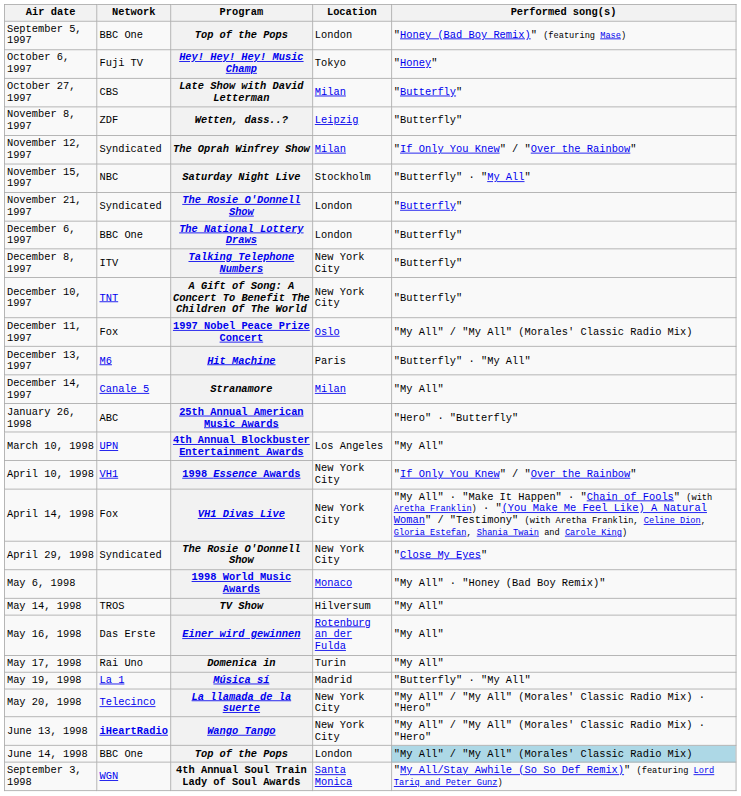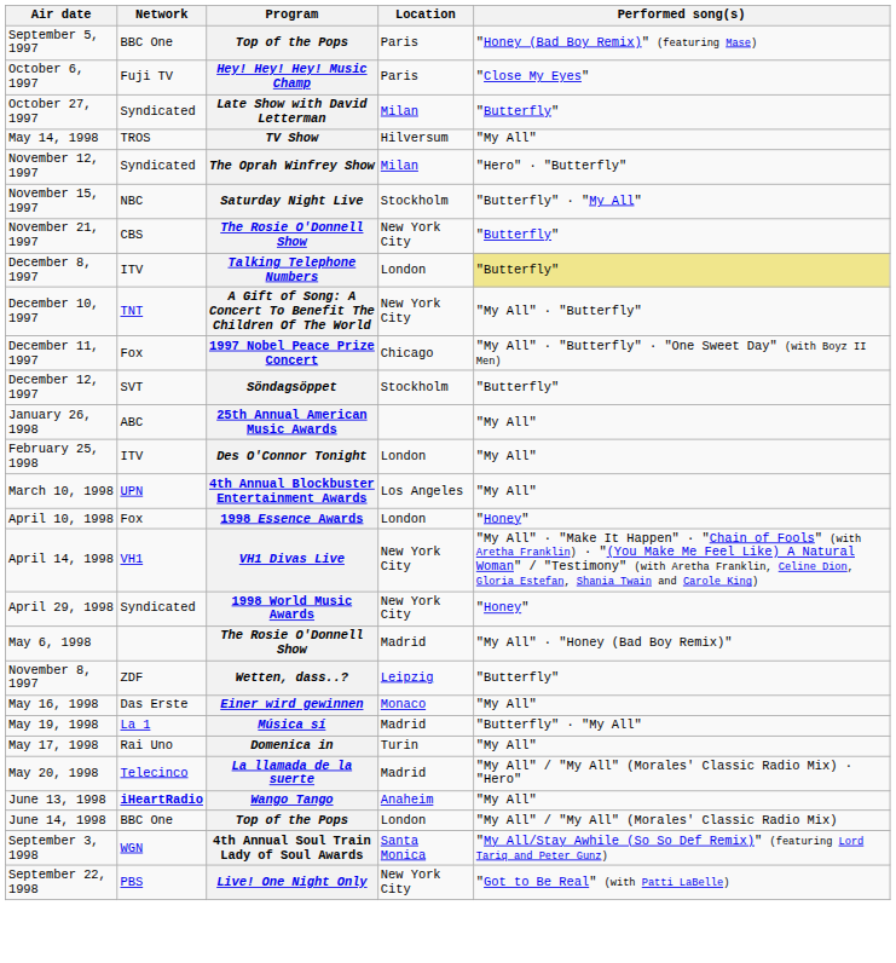 <table class="wikitable sortable plainrowheaders" style="font-size:95%;">
 <tr>
 <th style="width:13%;">Air date</th>
 <th style="width:6%;">Network</th>
 <th style="width:20%;">Program</th>
 <th style="width:11%;">Location</th>
 <th style="width:51%;">Performed song(s)</th>
 </tr>
 <tr>
 <td>September 5, 1997</td>
 <td>BBC One</td>
 <th scope="row"><em>Top of the Pops</em></th>
-<td>London</td>
+<td>Paris</td>
 <td>"<a href='#'>Honey (Bad Boy Remix)</a>" <small>(featuring <a href='#'>Mase</a>)</small></td>
 </tr>
 <tr>
 <td>October 6, 1997</td>
 <td>Fuji TV</td>
 <th scope="row"><em><a href='#'>Hey! Hey! Hey! Music Champ</a></em></th>
-<td>Tokyo</td>
-<td>"<a href='#'>Honey</a>"</td>
+<td>Paris</td>
+<td>"<a href='#'>Close My Eyes</a>"</td>
 </tr>
 <tr>
 <td>October 27, 1997</td>
-<td>CBS</td>
+<td>Syndicated</td>
 <th scope="row"><em>Late Show with David Letterman</em></th>
 <td><a href='#'>Milan</a></td>
 <td>"<a href='#'>Butterfly</a>"</td>
 </tr>
 <tr>
-<td>November 8, 1997</td>
-<td>ZDF</td>
-<th scope="row"><em>Wetten, dass..?</em></th>
-<td><a href='#'>Leipzig</a></td>
-<td>"Butterfly"</td>
+<td>May 14, 1998</td>
+<td>TROS</td>
+<th scope="row"><em>TV Show</em></th>
+<td>Hilversum</td>
+<td>"My All"</td>
 </tr>
 <tr>
 <td>November 12, 1997</td>
 <td>Syndicated</td>
 <th scope="row"><em>The Oprah Winfrey Show</em></th>
 <td><a href='#'>Milan</a></td>
-<td>"<a href='#'>If Only You Knew</a>" / "<a href='#'>Over the Rainbow</a>"</td>
+<td>"Hero" · "Butterfly"</td>
 </tr>
 <tr>
 <td>November 15, 1997</td>
 <td>NBC</td>
 <th scope="row"><em>Saturday Night Live</em></th>
 <td>Stockholm</td>
 <td>"Butterfly" · "<a href='#'>My All</a>"</td>
 </tr>
 <tr>
 <td>November 21, 1997</td>
-<td>Syndicated</td>
+<td>CBS</td>
 <th scope="row"><em><a href='#'>The Rosie O'Donnell Show</a></em></th>
-<td>London</td>
+<td>New York City</td>
 <td>"<a href='#'>Butterfly</a>"</td>
-</tr>
-<tr>
-<td>December 6, 1997</td>
-<td>BBC One</td>
-<th scope="row"><em><a href='#'>The National Lottery Draws</a></em></th>
-<td>London</td>
-<td>"Butterfly"</td>
 </tr>
 <tr>
 <td>December 8, 1997</td>
 <td>ITV</td>
 <th scope="row"><em><a href='#'>Talking Telephone Numbers</a></em></th>
-<td>New York City</td>
-<td>"Butterfly"</td>
+<td>London</td>
+<td style="background: khaki;">"Butterfly"</td>
 </tr>
 <tr>
 <td>December 10, 1997</td>
 <td><a href='#'>TNT</a></td>
 <th scope="row"><em>A Gift of Song: A Concert To Benefit The Children Of The World</em></th>
 <td>New York City</td>
-<td>"Butterfly"</td>
+<td>"My All" · "Butterfly"<br></td>
 </tr>
 <tr>
 <td>December 11, 1997</td>
 <td>Fox</td>
 <th scope="row"><a href='#'>1997 Nobel Peace Prize Concert</a></th>
-<td><a href='#'>Oslo</a></td>
-<td>"My All" / "My All" (Morales' Classic Radio Mix)</td>
+<td>Chicago</td>
+<td>"My All" · "Butterfly" · "One Sweet Day" <small>(with Boyz II Men)</small></td>
 </tr>
 <tr>
-<td>December 13, 1997</td>
-<td><a href='#'>M6</a></td>
-<th scope="row"><em><a href='#'>Hit Machine</a></em></th>
-<td>Paris</td>
-<td>"Butterfly" · "My All"</td>
-</tr>
-<tr>
-<td>December 14, 1997</td>
-<td><a href='#'>Canale 5</a></td>
-<th scope="row"><em>Stranamore</em></th>
-<td><a href='#'>Milan</a></td>
-<td>"My All"</td>
+<td>December 12, 1997</td>
+<td>SVT</td>
+<th scope="row"><em>Söndagsöppet</em></th>
+<td>Stockholm</td>
+<td>"Butterfly"</td>
 </tr>
 <tr>
 <td>January 26, 1998</td>
 <td>ABC</td>
 <th scope="row"><a href='#'>25th Annual American Music Awards</a></th>
 <td></td>
-<td>"Hero" · "Butterfly"</td>
+<td>"My All"</td>
+</tr>
+<tr>
+<td>February 25, 1998</td>
+<td>ITV</td>
+<th scope="row"><em>Des O'Connor Tonight</em></th>
+<td>London</td>
+<td>"My All"</td>
 </tr>
 <tr>
 <td>March 10, 1998</td>
 <td><a href='#'>UPN</a></td>
 <th scope="row"><a href='#'>4th Annual Blockbuster Entertainment Awards</a></th>
 <td>Los Angeles</td>
 <td>"My All"</td>
 </tr>
 <tr>
 <td>April 10, 1998</td>
-<td><a href='#'>VH1</a></td>
+<td>Fox</td>
 <th scope="row"><a href='#'>1998 <em>Essence</em> Awards</a></th>
-<td>New York City</td>
-<td>"<a href='#'>If Only You Knew</a>" / "<a href='#'>Over the Rainbow</a>"</td>
+<td>London</td>
+<td>"<a href='#'>Honey</a>"</td>
 </tr>
 <tr>
 <td>April 14, 1998</td>
-<td>Fox</td>
+<td><a href='#'>VH1</a></td>
 <th scope="row"><em><a href='#'>VH1 Divas Live</a></em></th>
 <td>New York City</td>
 <td>"My All" · "Make It Happen" · "<a href='#'>Chain of Fools</a>" <small>(with <a href='#'>Aretha Franklin</a>)</small> · "<a href='#'>(You Make Me Feel Like) A Natural Woman</a>" / "Testimony" <small>(with Aretha Franklin, <a href='#'>Celine Dion</a>, <a href='#'>Gloria Estefan</a>, <a href='#'>Shania Twain</a> and <a href='#'>Carole King</a>)</small></td>
 </tr>
 <tr>
 <td>April 29, 1998</td>
 <td>Syndicated</td>
-<th scope="row"><em>The Rosie O'Donnell Show</em></th>
+<th scope="row"><a href='#'>1998 World Music Awards</a></th>
 <td>New York City</td>
-<td>"<a href='#'>Close My Eyes</a>"</td>
+<td>"<a href='#'>Honey</a>"</td>
 </tr>
 <tr>
 <td>May 6, 1998</td>
 <td></td>
-<th scope="row"><a href='#'>1998 World Music Awards</a></th>
-<td><a href='#'>Monaco</a></td>
+<th scope="row"><em>The Rosie O'Donnell Show</em></th>
+<td>Madrid</td>
 <td>"My All" · "Honey (Bad Boy Remix)"</td>
 </tr>
 <tr>
-<td>May 14, 1998</td>
-<td>TROS</td>
-<th scope="row"><em>TV Show</em></th>
-<td>Hilversum</td>
-<td>"My All"</td>
+<td>November 8, 1997</td>
+<td>ZDF</td>
+<th scope="row"><em>Wetten, dass..?</em></th>
+<td><a href='#'>Leipzig</a></td>
+<td>"Butterfly"</td>
 </tr>
 <tr>
 <td>May 16, 1998</td>
 <td>Das Erste</td>
 <th scope="row"><em><a href='#'>Einer wird gewinnen</a></em></th>
-<td><a href='#'>Rotenburg an der Fulda</a></td>
-<td>"My All"</td>
-</tr>
-<tr>
-<td>May 17, 1998</td>
-<td>Rai Uno</td>
-<th scope="row"><em>Domenica in</em></th>
-<td>Turin</td>
+<td><a href='#'>Monaco</a></td>
 <td>"My All"</td>
 </tr>
 <tr>
 <td>May 19, 1998</td>
 <td><a href='#'>La 1</a></td>
 <th scope="row"><em><a href='#'>Música sí</a></em></th>
 <td>Madrid</td>
 <td>"Butterfly" · "My All"<br></td>
 </tr>
 <tr>
+<td>May 17, 1998</td>
+<td>Rai Uno</td>
+<th scope="row"><em>Domenica in</em></th>
+<td>Turin</td>
+<td>"My All"</td>
+</tr>
+<tr>
 <td>May 20, 1998</td>
 <td><a href='#'>Telecinco</a></td>
 <th scope="row"><em><a href='#'>La llamada de la suerte</a></em></th>
-<td>New York City</td>
+<td>Madrid</td>
 <td>"My All" / "My All" (Morales' Classic Radio Mix) · "Hero"</td>
 </tr>
 <tr>
 <td>June 13, 1998</td>
 <td><strong><a href='#'>iHeartRadio</a></strong></td>
 <th scope="row"><em><a href='#'>Wango Tango</a></em></th>
-<td>New York City</td>
-<td>"My All" / "My All" (Morales' Classic Radio Mix) · "Hero"</td>
+<td><a href='#'>Anaheim</a></td>
+<td>"My All"</td>
 </tr>
 <tr>
 <td>June 14, 1998</td>
 <td>BBC One</td>
 <th scope="row"><em>Top of the Pops</em></th>
 <td>London</td>
-<td style="background: lightblue;">"My All" / "My All" (Morales' Classic Radio Mix)</td>
+<td>"My All" / "My All" (Morales' Classic Radio Mix)</td>
 </tr>
 <tr>
 <td>September 3, 1998</td>
 <td><a href='#'>WGN</a></td>
 <th scope="row">4th Annual Soul Train Lady of Soul Awards</th>
 <td><a href='#'>Santa Monica</a></td>
 <td>"<a href='#'>My All/Stay Awhile (So So Def Remix)</a>" <small>(featuring <a href='#'>Lord Tariq and Peter Gunz</a>)</small></td>
 </tr>
+<tr>
+<td>September 22, 1998</td>
+<td><a href='#'>PBS</a></td>
+<th scope="row"><em><a href='#'>Live! One Night Only</a></em></th>
+<td>New York City</td>
+<td>"<a href='#'>Got to Be Real</a>" <small>(with <a href='#'>Patti LaBelle</a>)</small></td>
+</tr>
 </table>
